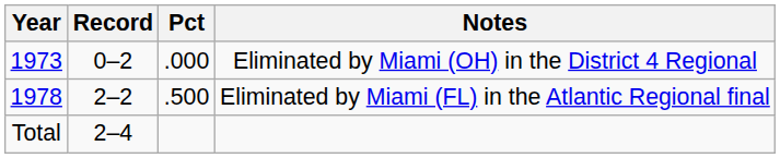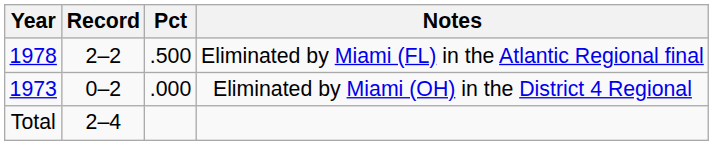 <table class="wikitable sortable" style="text-align:center">
 <tr>
 <th>Year</th>
 <th>Record</th>
 <th>Pct</th>
 <th>Notes</th>
 </tr>
 <tr>
+<td><a href='#'>1978</a></td>
+<td>2–2</td>
+<td>.500</td>
+<td>Eliminated by <a href='#'>Miami (FL)</a> in the <a href='#'>Atlantic Regional final</a></td>
+</tr>
+<tr>
 <td><a href='#'>1973</a></td>
 <td>0–2</td>
 <td>.000</td>
 <td>Eliminated by <a href='#'>Miami (OH)</a> in the <a href='#'>District 4 Regional</a></td>
-</tr>
-<tr>
-<td><a href='#'>1978</a></td>
-<td>2–2</td>
-<td>.500</td>
-<td>Eliminated by <a href='#'>Miami (FL)</a> in the <a href='#'>Atlantic Regional final</a></td>
 </tr>
 <tr>
 <td>Total</td>
 <td>2–4</td>
 <td></td>
 <td></td>
 </tr>
 </table>
